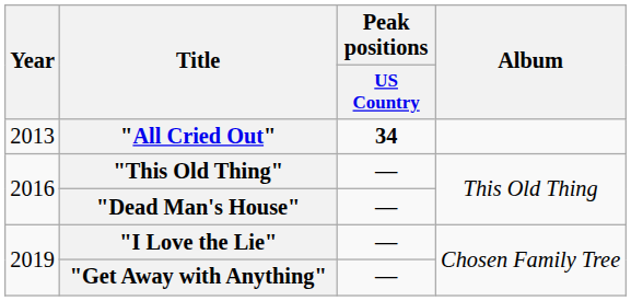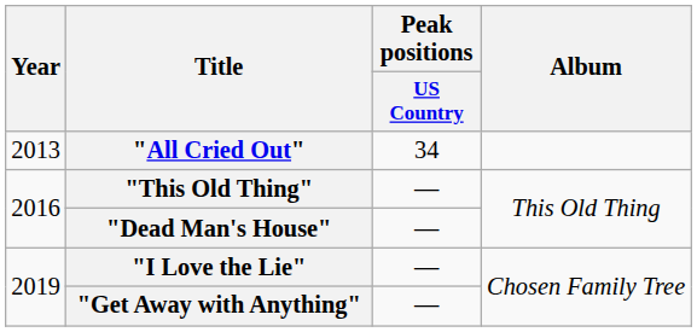 <table class="wikitable plainrowheaders" style="text-align:center;">
 <tr>
 <th rowspan="2" scope="col">Year</th>
 <th rowspan="2" scope="col" style="width:12em;">Title</th>
 <th>Peak positions</th>
 <th rowspan="2" scope="col">Album</th>
 </tr>
 <tr style="font-size:smaller;">
 <th style="width:65px;"><a href='#'>US<br>Country</a><br></th>
 </tr>
 <tr>
 <td>2013</td>
 <th scope="row">"<a href='#'>All Cried Out</a>"</th>
-<td><strong>34</strong></td>
+<td>34</td>
 <td></td>
 </tr>
 <tr>
 <td rowspan="2">2016</td>
 <th scope="row">"This Old Thing"</th>
 <td>—</td>
 <td rowspan="2"><em>This Old Thing</em></td>
 </tr>
 <tr>
 <th scope="row">"Dead Man's House"</th>
 <td>—</td>
 </tr>
 <tr>
 <td rowspan="2">2019</td>
 <th scope="row">"I Love the Lie"</th>
 <td>—</td>
 <td rowspan="2"><em>Chosen Family Tree</em></td>
 </tr>
 <tr>
 <th scope="row">"Get Away with Anything"</th>
 <td>—</td>
 </tr>
 </table>
